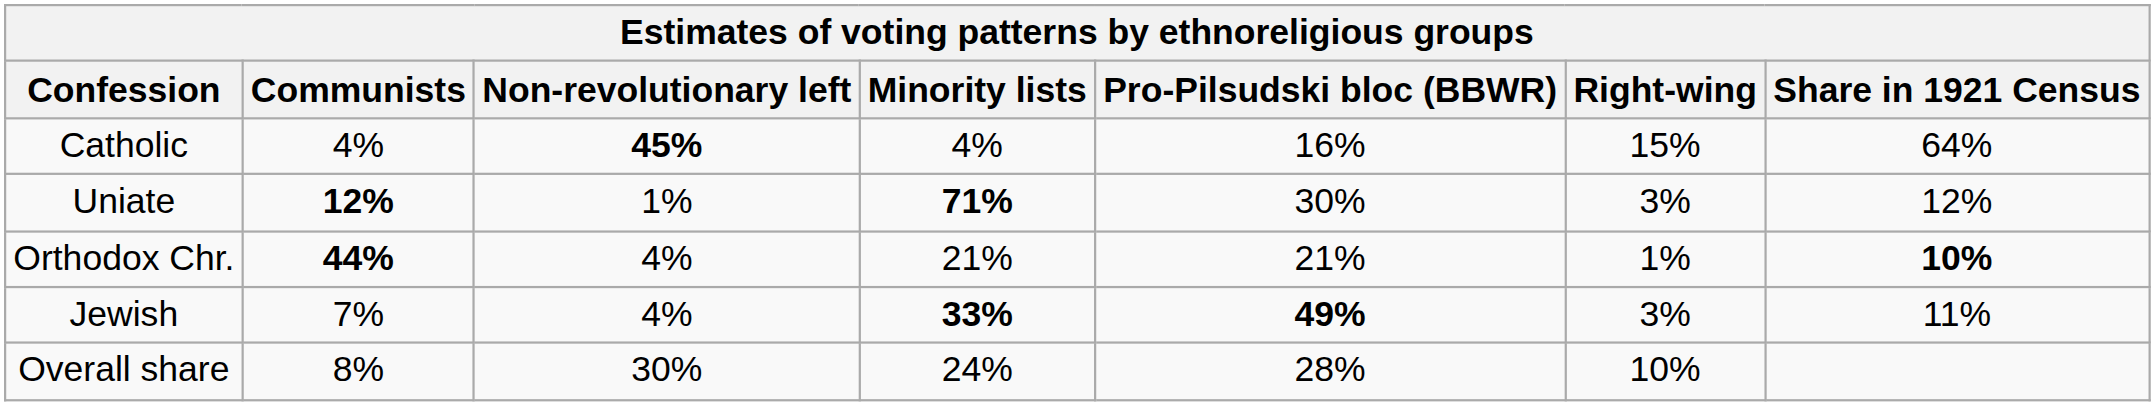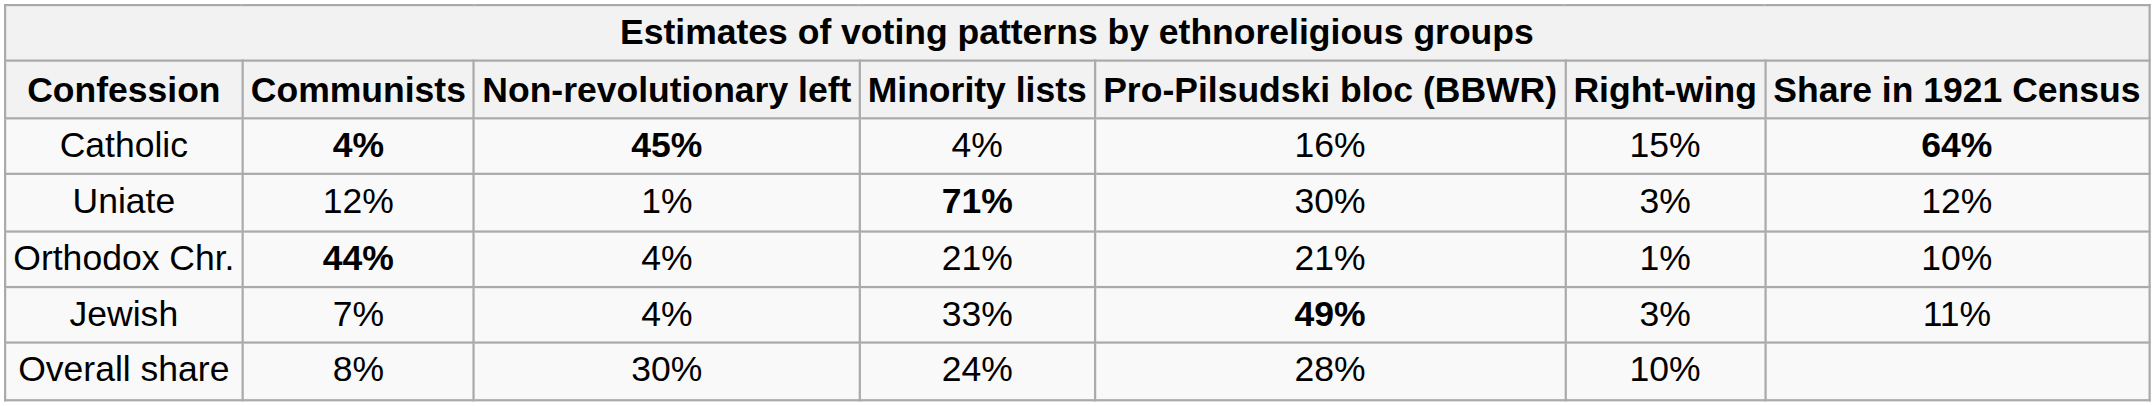 <table class=wikitable style=text-align:center>
 <tr>
 <th colspan=7>Estimates of voting patterns by ethnoreligious groups</th>
 </tr>
 <tr>
 <th>Confession</th>
 <th>Communists</th>
 <th>Non-revolutionary left</th>
 <th>Minority lists</th>
 <th>Pro-Pilsudski bloc (BBWR)</th>
 <th>Right-wing</th>
 <th>Share in 1921 Census</th>
 </tr>
 <tr>
 <td>Catholic</td>
-<td>4%</td>
+<td><strong>4%</strong></td>
 <td><strong>45%</strong></td>
 <td>4%</td>
 <td>16%</td>
 <td>15%</td>
-<td>64%</td>
+<td><strong>64%</strong></td>
 </tr>
 <tr>
 <td>Uniate</td>
-<td><strong>12%</strong></td>
+<td>12%</td>
 <td>1%</td>
 <td><strong>71%</strong></td>
 <td>30%</td>
 <td>3%</td>
 <td>12%</td>
 </tr>
 <tr>
 <td>Orthodox Chr.</td>
 <td><strong>44%</strong></td>
 <td>4%</td>
 <td>21%</td>
 <td>21%</td>
 <td>1%</td>
-<td><strong>10%</strong></td>
+<td>10%</td>
 </tr>
 <tr>
 <td>Jewish</td>
 <td>7%</td>
 <td>4%</td>
-<td><strong>33%</strong></td>
+<td>33%</td>
 <td><strong>49%</strong></td>
 <td>3%</td>
 <td>11%</td>
 </tr>
 <tr>
 <td>Overall share</td>
 <td>8%</td>
 <td>30%</td>
 <td>24%</td>
 <td>28%</td>
 <td>10%</td>
 <td></td>
 </tr>
 </table>
